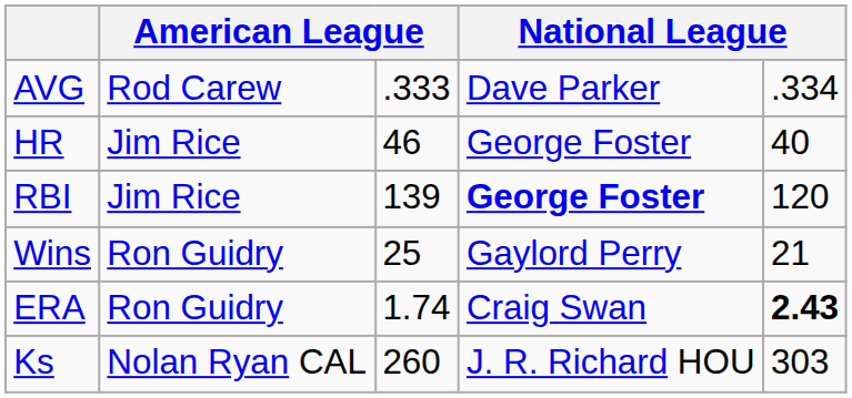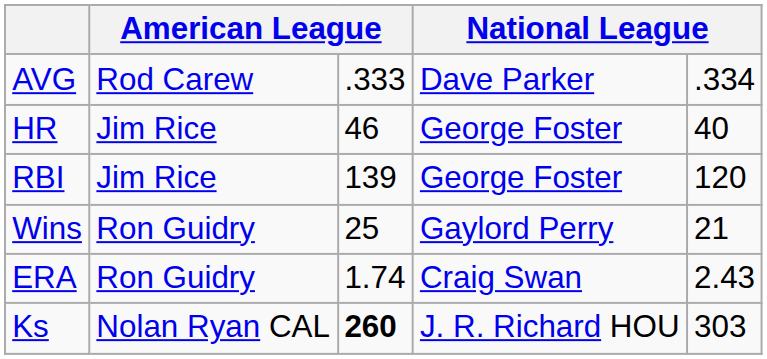 <table class="wikitable">
 <tr>
 <th></th>
 <th colspan=2><a href='#'>American League</a></th>
 <th colspan=2><a href='#'>National League</a></th>
 </tr>
 <tr>
 <td><a href='#'>AVG</a></td>
 <td><a href='#'>Rod Carew</a></td>
 <td>.333</td>
 <td><a href='#'>Dave Parker</a></td>
 <td>.334</td>
 </tr>
 <tr>
 <td><a href='#'>HR</a></td>
 <td><a href='#'>Jim Rice</a></td>
 <td>46</td>
 <td><a href='#'>George Foster</a></td>
 <td>40</td>
 </tr>
 <tr>
 <td><a href='#'>RBI</a></td>
 <td><a href='#'>Jim Rice</a></td>
 <td>139</td>
-<td><strong><a href='#'>George Foster</a></strong></td>
+<td><a href='#'>George Foster</a></td>
 <td>120</td>
 </tr>
 <tr>
 <td><a href='#'>Wins</a></td>
 <td><a href='#'>Ron Guidry</a></td>
 <td>25</td>
 <td><a href='#'>Gaylord Perry</a></td>
 <td>21</td>
 </tr>
 <tr>
 <td><a href='#'>ERA</a></td>
 <td><a href='#'>Ron Guidry</a></td>
 <td>1.74</td>
 <td><a href='#'>Craig Swan</a></td>
-<td><strong>2.43</strong></td>
+<td>2.43</td>
 </tr>
 <tr>
 <td><a href='#'>Ks</a></td>
 <td><a href='#'>Nolan Ryan</a> CAL</td>
-<td>260</td>
+<td><strong>260</strong></td>
 <td><a href='#'>J. R. Richard</a> HOU</td>
 <td>303</td>
 </tr>
 </table>
